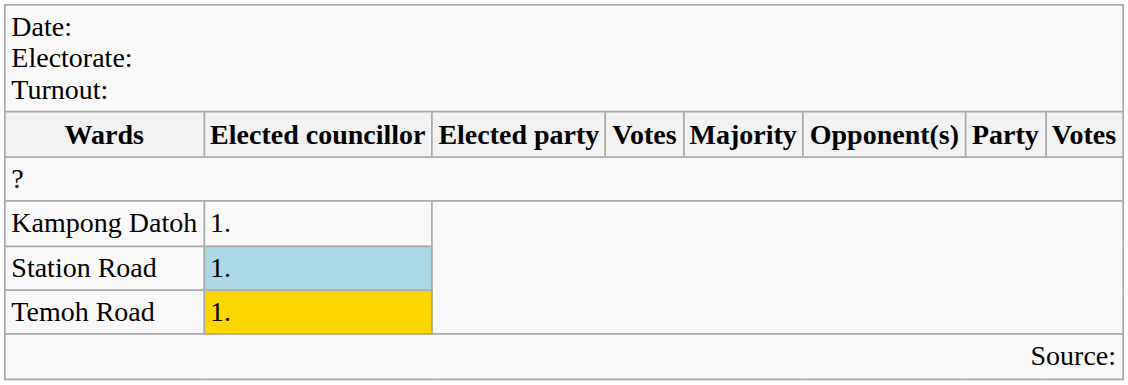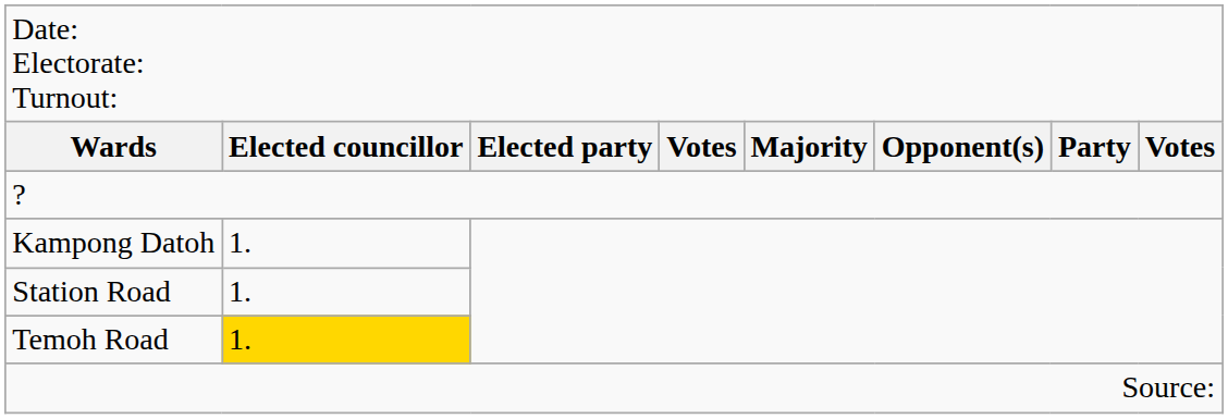 <table class=wikitable>
 <tr>
 <td colspan=8>Date: <br>Electorate: <br>Turnout:</td>
 </tr>
 <tr>
 <th>Wards</th>
 <th>Elected councillor</th>
 <th>Elected party</th>
 <th>Votes</th>
 <th>Majority</th>
 <th>Opponent(s)</th>
 <th>Party</th>
 <th>Votes</th>
 </tr>
 <tr>
 <td colspan=8>? </td>
 </tr>
 <tr>
 <td>Kampong Datoh</td>
 <td>1.</td>
 </tr>
 <tr>
 <td>Station Road</td>
-<td style="background: lightblue;">1.</td>
+<td>1.</td>
 </tr>
 <tr>
 <td>Temoh Road</td>
 <td style="background: gold;">1.</td>
 </tr>
 <tr>
 <td colspan=8 align=right>Source:</td>
 </tr>
 </table>
